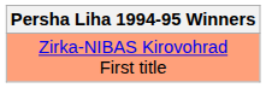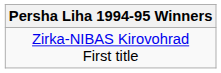 <table class="wikitable" style="text-align: center; margin: 0 auto;">
 <tr>
 <th>Persha Liha 1994-95 Winners</th>
 </tr>
 <tr>
-<td style="background: lightsalmon;"><a href='#'>Zirka-NIBAS Kirovohrad</a><br>First title</td>
+<td><a href='#'>Zirka-NIBAS Kirovohrad</a><br>First title</td>
 </tr>
 </table>
